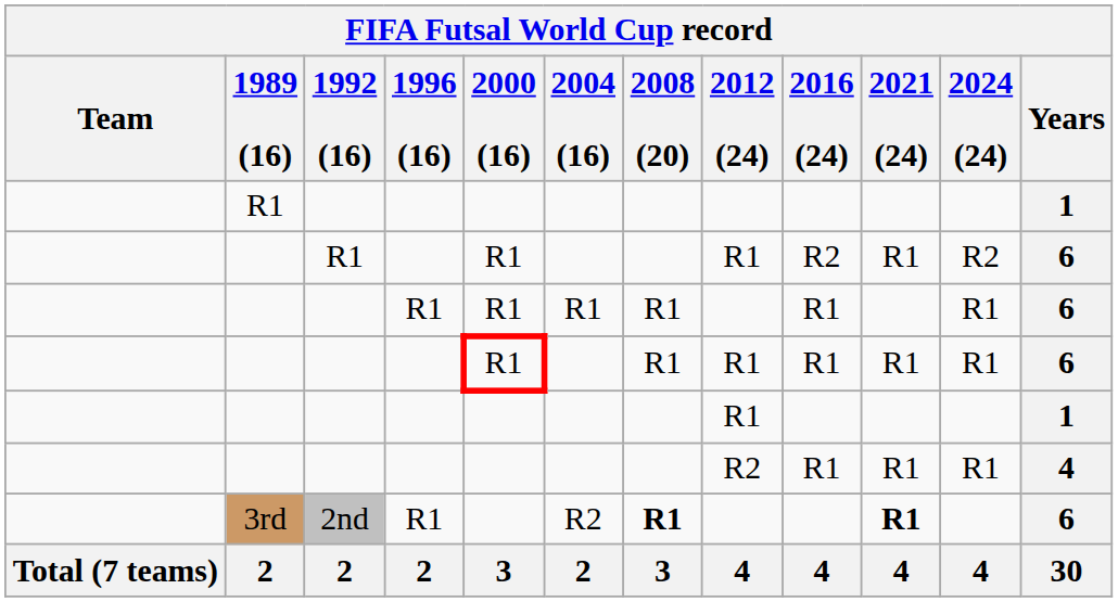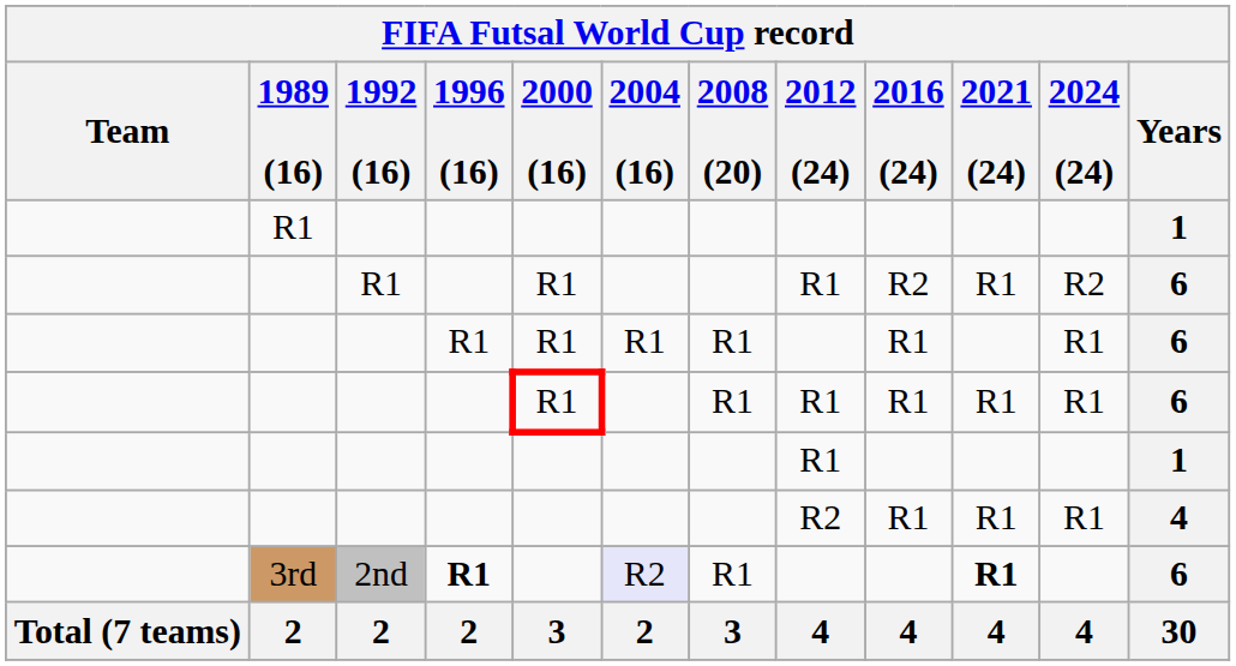 <table class="wikitable" style="text-align:center">
 <tr>
 <th colspan=12><a href='#'>FIFA Futsal World Cup</a> record</th>
 </tr>
 <tr>
 <th>Team</th>
 <th><a href='#'>1989</a><br><br>(16)</th>
 <th><a href='#'>1992</a><br><br>(16)</th>
 <th><a href='#'>1996</a><br><br>(16)</th>
 <th><a href='#'>2000</a><br><br>(16)</th>
 <th><a href='#'>2004</a><br><br>(16)</th>
 <th><a href='#'>2008</a><br><br>(20)</th>
 <th><a href='#'>2012</a><br><br>(24)</th>
 <th><a href='#'>2016</a><br><br>(24)</th>
 <th><a href='#'>2021</a><br><br>(24)</th>
 <th><a href='#'>2024</a><br><br>(24)</th>
 <th>Years</th>
 </tr>
 <tr>
 <td align=left></td>
 <td>R1</td>
 <td></td>
 <td></td>
 <td></td>
 <td></td>
 <td></td>
 <td></td>
 <td></td>
 <td></td>
 <td></td>
 <th>1</th>
 </tr>
 <tr>
 <td align=left></td>
 <td></td>
 <td>R1</td>
 <td></td>
 <td>R1</td>
 <td></td>
 <td></td>
 <td>R1</td>
 <td>R2</td>
 <td>R1</td>
 <td>R2</td>
 <th>6</th>
 </tr>
 <tr>
 <td align=left></td>
 <td></td>
 <td></td>
 <td>R1</td>
 <td>R1</td>
 <td>R1</td>
 <td>R1</td>
 <td></td>
 <td>R1</td>
 <td></td>
 <td>R1</td>
 <th>6</th>
 </tr>
 <tr>
 <td align=left></td>
 <td></td>
 <td></td>
 <td></td>
 <td style="border:3px solid red">R1</td>
 <td></td>
 <td>R1</td>
 <td>R1</td>
 <td>R1</td>
 <td>R1</td>
 <td>R1</td>
 <th>6</th>
 </tr>
 <tr>
 <td align=left></td>
 <td></td>
 <td></td>
 <td></td>
 <td></td>
 <td></td>
 <td></td>
 <td>R1</td>
 <td></td>
 <td></td>
 <td></td>
 <th>1</th>
 </tr>
 <tr>
 <td align=left></td>
 <td></td>
 <td></td>
 <td></td>
 <td></td>
 <td></td>
 <td></td>
 <td>R2</td>
 <td>R1</td>
 <td>R1</td>
 <td>R1</td>
 <th>4</th>
 </tr>
 <tr>
 <td align=left></td>
 <td style="background:#c96;">3rd</td>
 <td style="background:silver;">2nd</td>
+<td><strong>R1</strong></td>
+<td></td>
+<td style="background: lavender;">R2</td>
 <td>R1</td>
-<td></td>
-<td>R2</td>
-<td><strong>R1</strong></td>
 <td></td>
 <td></td>
 <td><strong>R1</strong></td>
 <td></td>
 <th>6</th>
 </tr>
 <tr>
 <th>Total (7 teams)</th>
 <th>2</th>
 <th>2</th>
 <th>2</th>
 <th>3</th>
 <th>2</th>
 <th>3</th>
 <th>4</th>
 <th>4</th>
 <th>4</th>
 <th>4</th>
 <th>30</th>
 </tr>
 </table>
